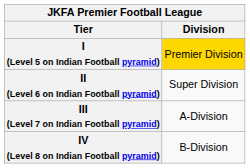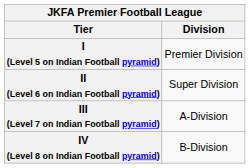 <table class="wikitable" style="text-align:center;">
 <tr>
 <th colspan="2">JKFA Premier Football League</th>
 </tr>
 <tr>
 <th>Tier</th>
 <th>Division</th>
 </tr>
 <tr>
 <th>I<br><sub>(Level 5 on Indian Football <a href='#'>pyramid</a>)</sub></th>
-<td style="background: gold;">Premier Division</td>
+<td>Premier Division</td>
 </tr>
 <tr>
 <th>II<br><sub>(Level 6 on Indian Football <a href='#'>pyramid</a>)</sub></th>
 <td>Super Division</td>
 </tr>
 <tr>
 <th>III<br><sub>(Level 7 on Indian Football <a href='#'>pyramid</a>)</sub></th>
 <td>A-Division</td>
 </tr>
 <tr>
 <th>IV<br><sub>(Level 8 on Indian Football <a href='#'>pyramid</a>)</sub></th>
 <td>B-Division</td>
 </tr>
 </table>
